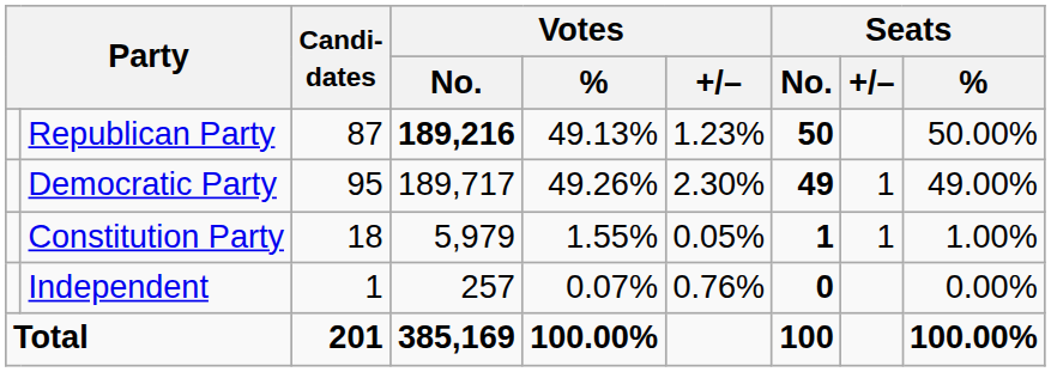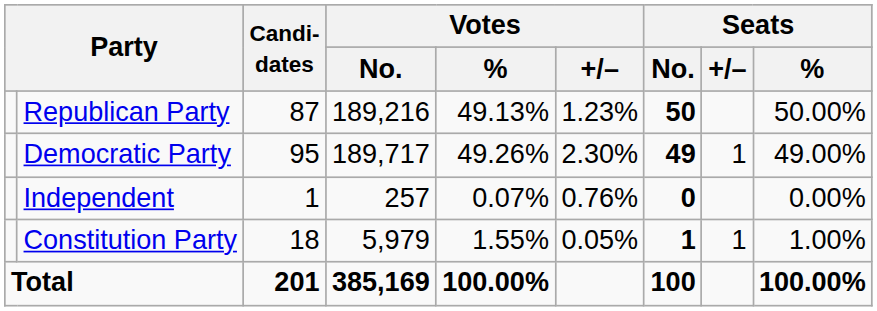 <table class="wikitable" style="font-size:100%; text-align:right;">
 <tr>
 <th colspan=2 rowspan=2>Party</th>
 <th rowspan=2><small>Candi-<br>dates</small></th>
 <th colspan=3>Votes</th>
 <th colspan=3>Seats</th>
 </tr>
 <tr>
 <th>No.</th>
 <th>%</th>
 <th>+/–</th>
 <th>No.</th>
 <th>+/–</th>
 <th>%</th>
 </tr>
 <tr>
 <td style="background:"></td>
 <td style="text-align:left"><a href='#'>Republican Party</a></td>
 <td>87</td>
-<td><strong>189,216</strong></td>
+<td>189,216</td>
 <td>49.13%</td>
 <td>1.23%</td>
 <td><strong>50</strong></td>
 <td></td>
 <td>50.00%</td>
 </tr>
 <tr>
 <td style="background:"></td>
 <td style="text-align:left"><a href='#'>Democratic Party</a></td>
 <td>95</td>
 <td>189,717</td>
 <td>49.26%</td>
 <td>2.30%</td>
 <td><strong>49</strong></td>
 <td>1</td>
 <td>49.00%</td>
 </tr>
 <tr>
 <td style="background:"></td>
+<td style="text-align:left"><a href='#'>Independent</a></td>
+<td>1</td>
+<td>257</td>
+<td>0.07%</td>
+<td>0.76%</td>
+<td><strong>0</strong></td>
+<td></td>
+<td>0.00%</td>
+</tr>
+<tr>
+<td style="background:"></td>
 <td style="text-align:left"><a href='#'>Constitution Party</a></td>
 <td>18</td>
 <td>5,979</td>
 <td>1.55%</td>
 <td>0.05%</td>
 <td><strong>1</strong></td>
 <td>1</td>
 <td>1.00%</td>
-</tr>
-<tr>
-<td style="background:"></td>
-<td style="text-align:left"><a href='#'>Independent</a></td>
-<td>1</td>
-<td>257</td>
-<td>0.07%</td>
-<td>0.76%</td>
-<td><strong>0</strong></td>
-<td></td>
-<td>0.00%</td>
 </tr>
 <tr style="font-weight:bold">
 <td colspan=2 style="text-align:left">Total</td>
 <td>201</td>
 <td>385,169</td>
 <td>100.00%</td>
 <td></td>
 <td>100</td>
 <td></td>
 <td>100.00%</td>
 </tr>
 </table>
